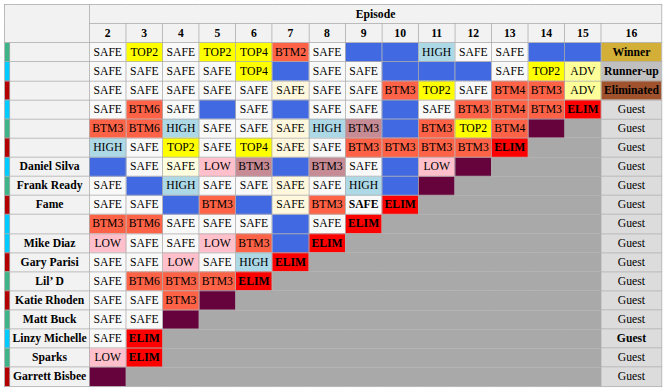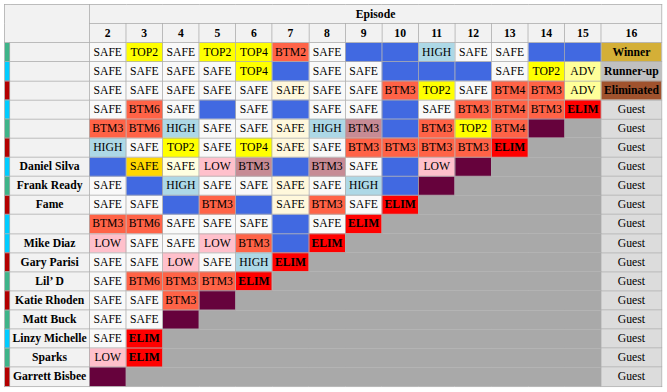 <table class="wikitable" style="text-align:center;font-size:96%">
 <tr>
 <th rowspan=2 colspan=2></th>
 <th colspan=15>Episode</th>
 </tr>
 <tr>
 <th>2</th>
 <th>3</th>
 <th>4</th>
 <th>5</th>
 <th>6</th>
 <th>7</th>
 <th>8</th>
 <th>9</th>
 <th>10</th>
 <th>11</th>
 <th>12</th>
 <th>13</th>
 <th>14</th>
 <th>15</th>
 <th>16</th>
 </tr>
 <tr>
 <td style="background:#3EB489"></td>
 <th></th>
 <td>SAFE</td>
 <td style="background:yellow ;">TOP2</td>
 <td>SAFE</td>
 <td style="background:yellow ;">TOP2</td>
 <td style="background:yellow ;">TOP4</td>
 <td style="background:tomato;">BTM2</td>
 <td>SAFE</td>
 <td style="background:royalblue;"><strong></strong></td>
 <td style="background:royalblue;"><strong></strong></td>
 <td style="background:lightblue;">HIGH</td>
 <td>SAFE</td>
 <td>SAFE</td>
 <td style="background:royalblue;"><strong></strong></td>
 <td style="background:royalblue;"><strong></strong></td>
 <td style="background: #D4AF37" nowrap><strong>Winner</strong></td>
 </tr>
 <tr>
 <td style="background:#00CCFF"></td>
 <th></th>
 <td>SAFE</td>
 <td>SAFE</td>
 <td>SAFE</td>
 <td>SAFE</td>
 <td style="background:yellow ;">TOP4</td>
 <td style="background:royalblue;"><strong></strong></td>
 <td>SAFE</td>
 <td>SAFE</td>
 <td style="background:royalblue;"><strong></strong></td>
 <td style="background:royalblue;"><strong></strong></td>
 <td style="background:royalblue;"><strong></strong></td>
 <td>SAFE</td>
 <td style="background:yellow ;">TOP2</td>
 <td style="background:#FFFF99;">ADV</td>
 <td style="background:silver" nowrap><strong>Runner-up</strong></td>
 </tr>
 <tr>
 <td style="background:#B30000"></td>
 <th></th>
 <td>SAFE</td>
 <td>SAFE</td>
 <td>SAFE</td>
 <td>SAFE</td>
 <td>SAFE</td>
 <td style="background:cornsilk;">SAFE</td>
 <td>SAFE</td>
 <td>SAFE</td>
 <td style="background:tomato;">BTM3</td>
 <td style="background:yellow ;">TOP2</td>
 <td>SAFE</td>
 <td style="background:tomato;">BTM4</td>
 <td style="background:tomato;">BTM3</td>
 <td style="background:#FFFF99;">ADV</td>
 <td style="background:sienna;"><strong>Eliminated</strong></td>
 </tr>
 <tr>
 <td style="background:#00CCFF"></td>
 <th></th>
 <td>SAFE</td>
 <td style="background:tomato;">BTM6</td>
 <td>SAFE</td>
 <td style="background:royalblue;"><strong></strong></td>
 <td>SAFE</td>
 <td style="background:royalblue;"><strong></strong></td>
 <td>SAFE</td>
 <td>SAFE</td>
 <td style="background:royalblue;"><strong></strong></td>
 <td>SAFE</td>
 <td style="background:tomato;">BTM3</td>
 <td style="background:tomato;">BTM4</td>
 <td style="background:tomato;">BTM3</td>
 <td style="background:red;"><strong>ELIM</strong></td>
 <td bgcolor="gainsboro">Guest</td>
 </tr>
 <tr>
 <td style="background:#3EB489"></td>
 <th></th>
 <td style="background:tomato;">BTM3</td>
 <td style="background:tomato;">BTM6</td>
 <td style="background:lightblue;">HIGH</td>
 <td>SAFE</td>
 <td>SAFE</td>
 <td style="background:cornsilk;">SAFE</td>
 <td style="background:lightblue;">HIGH</td>
 <td style="background:#C78B95;">BTM3</td>
 <td style="background:royalblue;"><strong></strong></td>
 <td style="background:tomato;">BTM3</td>
 <td style="background:yellow ;">TOP2</td>
 <td style="background:tomato;">BTM4</td>
 <td style="background:#66023C;"><strong></strong></td>
 <td bgcolor="darkgray" colspan="1"></td>
 <td bgcolor="gainsboro">Guest</td>
 </tr>
 <tr>
 <td style="background:#B30000"></td>
 <th></th>
 <td style="background:lightblue;">HIGH</td>
 <td>SAFE</td>
 <td style="background:yellow ;">TOP2</td>
 <td>SAFE</td>
 <td style="background:yellow ;">TOP4</td>
 <td style="background:cornsilk;">SAFE</td>
 <td>SAFE</td>
 <td style="background:tomato;">BTM3</td>
 <td style="background:tomato;">BTM3</td>
 <td style="background:tomato;">BTM3</td>
 <td style="background:tomato;">BTM3</td>
 <td style="background:red;"><strong>ELIM</strong></td>
 <td bgcolor="darkgray" colspan="2"></td>
 <td bgcolor="gainsboro">Guest</td>
 </tr>
 <tr>
 <td style="background:#00CCFF"></td>
 <th>Daniel Silva</th>
 <td style="background:royalblue;"><strong></strong></td>
-<td>SAFE</td>
+<td style="background: gold;">SAFE</td>
 <td style="background: lightyellow;">SAFE</td>
 <td style="background:pink;">LOW</td>
 <td style="background:#C78B95;">BTM3</td>
 <td style="background:royalblue;"><strong></strong></td>
 <td style="background:#C78B95;">BTM3</td>
 <td>SAFE</td>
 <td style="background:royalblue;"><strong></strong></td>
 <td style="background:pink;">LOW</td>
 <td style="background:#66023C;"><strong></strong></td>
 <td bgcolor="darkgray" colspan="3"></td>
 <td bgcolor="gainsboro">Guest</td>
 </tr>
 <tr>
 <td style="background:#3EB489"></td>
 <th>Frank Ready</th>
 <td>SAFE</td>
 <td style="background:royalblue;"><strong></strong></td>
 <td style="background:lightblue;">HIGH</td>
 <td>SAFE</td>
 <td>SAFE</td>
 <td style="background:cornsilk;">SAFE</td>
 <td>SAFE</td>
 <td style="background:lightblue;">HIGH</td>
 <td style="background:royalblue;"><strong></strong></td>
 <td style="background:#66023C;"><strong></strong></td>
 <td bgcolor="darkgray" colspan="4"></td>
 <td bgcolor="gainsboro">Guest</td>
 </tr>
 <tr>
 <td style="background:#B30000"></td>
 <th>Fame</th>
 <td>SAFE</td>
 <td>SAFE</td>
 <td style="background:royalblue;"><strong></strong></td>
 <td style="background:tomato;">BTM3</td>
 <td style="background:royalblue;"><strong></strong></td>
 <td style="background:cornsilk;">SAFE</td>
 <td style="background:tomato;">BTM3</td>
-<td><strong>SAFE</strong></td>
+<td>SAFE</td>
 <td style="background:red;"><strong>ELIM</strong></td>
 <td bgcolor="darkgray" colspan="5"></td>
 <td bgcolor="gainsboro">Guest</td>
 </tr>
 <tr>
 <td style="background:#00CCFF"></td>
 <th></th>
 <td style="background:tomato;">BTM3</td>
 <td style="background:tomato;">BTM6</td>
 <td>SAFE</td>
 <td>SAFE</td>
 <td>SAFE</td>
 <td style="background:royalblue;"><strong></strong></td>
 <td>SAFE</td>
 <td style="background:red;"><strong>ELIM</strong></td>
 <td bgcolor="darkgray" colspan="6"></td>
 <td bgcolor="gainsboro">Guest</td>
 </tr>
 <tr>
 <td style="background:#00CCFF"></td>
 <th>Mike Diaz</th>
 <td style="background:pink;">LOW</td>
 <td>SAFE</td>
 <td>SAFE</td>
 <td style="background:pink;">LOW</td>
 <td style="background:tomato;">BTM3</td>
 <td style="background:royalblue;"><strong></strong></td>
 <td style="background:red;"><strong>ELIM</strong></td>
 <td bgcolor="darkgray" colspan="7"></td>
 <td bgcolor="gainsboro">Guest</td>
 </tr>
 <tr>
 <td style="background:#B30000"></td>
 <th>Gary Parisi</th>
 <td>SAFE</td>
 <td>SAFE</td>
 <td style="background:pink;">LOW</td>
 <td>SAFE</td>
 <td style="background:lightblue;">HIGH</td>
 <td style="background:red;"><strong>ELIM</strong></td>
 <td bgcolor="darkgray" colspan="8"></td>
 <td bgcolor="gainsboro">Guest</td>
 </tr>
 <tr>
 <td style="background:#3EB489"></td>
 <th>Lil’ D</th>
 <td>SAFE</td>
 <td style="background:tomato;">BTM6</td>
 <td style="background:tomato;">BTM3</td>
 <td style="background:tomato;">BTM3</td>
 <td style="background:red;"><strong>ELIM</strong></td>
 <td bgcolor="darkgray" colspan="9"></td>
 <td bgcolor="gainsboro">Guest</td>
 </tr>
 <tr>
 <td style="background:#B30000"></td>
 <th>Katie Rhoden</th>
 <td>SAFE</td>
 <td>SAFE</td>
 <td style="background:tomato;">BTM3</td>
 <td style="background:#66023C;"><strong></strong></td>
 <td bgcolor="darkgray" colspan="10"></td>
 <td bgcolor="gainsboro">Guest</td>
 </tr>
 <tr>
 <td style="background:#3EB489"></td>
 <th>Matt Buck</th>
 <td>SAFE</td>
 <td>SAFE</td>
 <td style="background:#66023C;"><strong></strong></td>
 <td bgcolor="darkgray" colspan="11"></td>
 <td bgcolor="gainsboro">Guest</td>
 </tr>
 <tr>
 <td style="background:#00CCFF"></td>
 <th>Linzy Michelle</th>
 <td>SAFE</td>
 <td style="background:red;"><strong>ELIM</strong></td>
 <td bgcolor="darkgray" colspan="12"></td>
-<td bgcolor="gainsboro"><strong>Guest</strong></td>
+<td bgcolor="gainsboro">Guest</td>
 </tr>
 <tr>
 <td style="background:#3EB489"></td>
 <th>Sparks</th>
 <td style="background:pink;">LOW</td>
 <td style="background:red;"><strong>ELIM</strong></td>
 <td bgcolor="darkgray" colspan="12"></td>
 <td bgcolor="gainsboro">Guest</td>
 </tr>
 <tr>
 <td style="background:#B30000"></td>
 <th>Garrett Bisbee</th>
 <td style="background:#66023C;"><strong></strong></td>
 <td bgcolor="darkgray" colspan="13"></td>
 <td bgcolor="gainsboro">Guest</td>
 </tr>
 </table>
